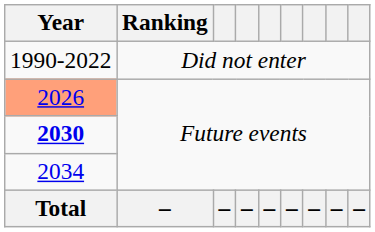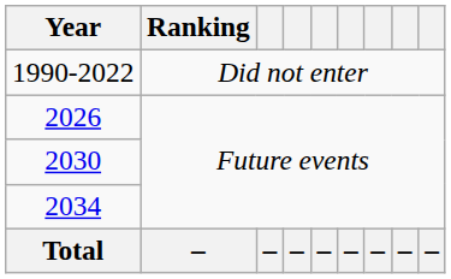 <table class="wikitable" style="text-align: center;">
 <tr>
 <th>Year</th>
 <th>Ranking</th>
 <th></th>
 <th></th>
 <th></th>
 <th></th>
 <th></th>
 <th></th>
 <th></th>
 </tr>
 <tr>
 <td>1990-2022</td>
 <td colspan=8 rowspan=1><em>Did not enter</em></td>
 </tr>
 <tr>
-<td style="background: lightsalmon;"> <a href='#'>2026</a></td>
+<td> <a href='#'>2026</a></td>
 <td colspan=8 rowspan=3><em>Future events</em></td>
 </tr>
 <tr>
-<td><strong> <a href='#'>2030</a></strong></td>
+<td> <a href='#'>2030</a></td>
 </tr>
 <tr>
 <td> <a href='#'>2034</a></td>
 </tr>
 <tr>
 <th align=center>Total</th>
 <th>–</th>
 <th>–</th>
 <th>–</th>
 <th>–</th>
 <th>–</th>
 <th>–</th>
 <th>–</th>
 <th>–</th>
 </tr>
 </table>
